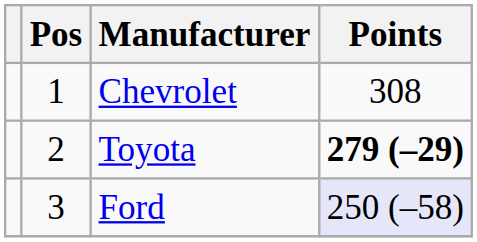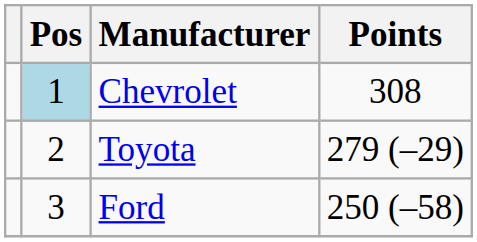 <table class="wikitable" style="font-size: 95%;">
 <tr>
 <th></th>
 <th>Pos</th>
 <th>Manufacturer</th>
 <th>Points</th>
 </tr>
 <tr>
 <td align="left"></td>
-<td style="text-align:center;">1</td>
+<td style="background: lightblue; text-align:center;">1</td>
 <td><a href='#'>Chevrolet</a></td>
 <td style="text-align:center;">308</td>
 </tr>
 <tr>
 <td align="left"></td>
 <td style="text-align:center;">2</td>
 <td><a href='#'>Toyota</a></td>
-<td style="text-align:center;"><strong>279 (–29)</strong></td>
+<td style="text-align:center;">279 (–29)</td>
 </tr>
 <tr>
 <td align="left"></td>
 <td style="text-align:center;">3</td>
 <td><a href='#'>Ford</a></td>
-<td style="background: lavender; text-align:center;">250 (–58)</td>
+<td style="text-align:center;">250 (–58)</td>
 </tr>
 <tr class="sortbottom">
 </tr>
 </table>
